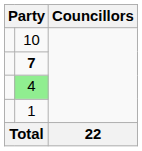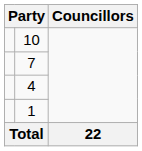 <table class="wikitable">
 <tr>
 <th colspan=2>Party</th>
 <th>Councillors</th>
 </tr>
 <tr>
 <td></td>
 <td align=center>10</td>
 </tr>
 <tr>
 <td></td>
-<td align=center><strong>7</strong></td>
+<td align=center>7</td>
 </tr>
 <tr>
 <td></td>
-<td align="center" style="background: lightgreen;">4</td>
+<td align="center">4</td>
 </tr>
 <tr>
 <td></td>
 <td align=center>1</td>
 </tr>
 <tr>
 <th colspan=2>Total</th>
 <th align=center>22</th>
 </tr>
 </table>
